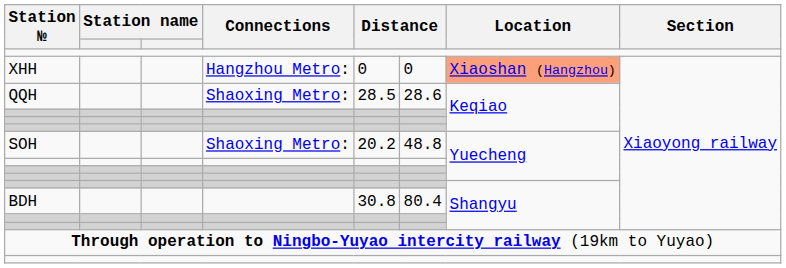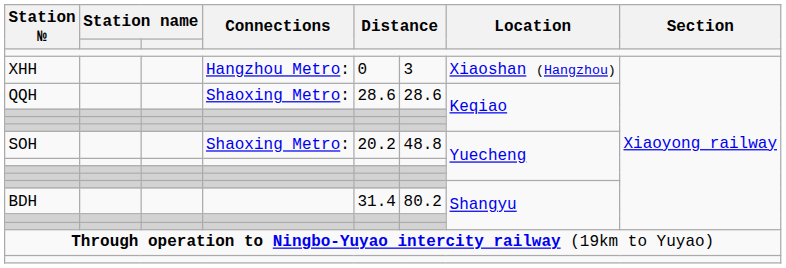 <table class="wikitable">
 <tr>
 <th rowspan="2">Station<br>№</th>
 <th colspan="2">Station name</th>
 <th rowspan="2">Connections</th>
 <th colspan="2" rowspan="2">Distance<br></th>
 <th rowspan="2">Location</th>
 <th rowspan="2">Section</th>
 </tr>
 <tr>
 <th></th>
 <th></th>
 </tr>
 <tr style="background:#">
 <td colspan = "8"></td>
 </tr>
 <tr>
 <td>XHH</td>
 <td></td>
 <td></td>
 <td><a href='#'>Hangzhou Metro</a>: </td>
 <td>0</td>
-<td>0</td>
-<td rowspan="1" style="background: lightsalmon;"><a href='#'>Xiaoshan</a> <small>(<a href='#'>Hangzhou</a>)</small></td>
+<td>3</td>
+<td rowspan="1"><a href='#'>Xiaoshan</a> <small>(<a href='#'>Hangzhou</a>)</small></td>
 <td rowspan="13"><a href='#'>Xiaoyong railway</a></td>
 </tr>
 <tr>
 <td>QQH</td>
 <td></td>
 <td></td>
 <td><a href='#'>Shaoxing Metro</a>: </td>
-<td>28.5</td>
+<td>28.6</td>
 <td>28.6</td>
 <td rowspan="4"><a href='#'>Keqiao</a></td>
 </tr>
 <tr bgcolor="lightgrey">
 <td></td>
 <td></td>
 <td></td>
 <td></td>
 <td></td>
 <td></td>
 </tr>
 <tr bgcolor="lightgrey">
 <td></td>
 <td></td>
 <td></td>
 <td></td>
 <td></td>
 <td></td>
 </tr>
 <tr bgcolor="lightgrey">
 <td></td>
 <td></td>
 <td></td>
 <td></td>
 <td></td>
 <td></td>
 </tr>
 <tr>
 <td>SOH</td>
 <td></td>
 <td></td>
 <td><a href='#'>Shaoxing Metro</a>: </td>
 <td>20.2</td>
 <td>48.8</td>
 <td rowspan="4"><a href='#'>Yuecheng</a></td>
 </tr>
 <tr>
 <td></td>
 <td></td>
 <td></td>
 <td></td>
 <td></td>
 <td></td>
 </tr>
 <tr bgcolor="lightgrey">
 <td></td>
 <td></td>
 <td></td>
 <td></td>
 <td></td>
 <td></td>
 </tr>
 <tr bgcolor="lightgrey">
 <td></td>
 <td></td>
 <td></td>
 <td></td>
 <td></td>
 <td></td>
 </tr>
 <tr>
 <td bgcolor="lightgrey"></td>
 <td bgcolor="lightgrey"></td>
 <td bgcolor="lightgrey"></td>
 <td bgcolor="lightgrey"></td>
 <td bgcolor="lightgrey"></td>
 <td bgcolor="lightgrey"></td>
 <td rowspan="4"><a href='#'>Shangyu</a></td>
 </tr>
 <tr>
 <td>BDH</td>
 <td></td>
 <td></td>
 <td></td>
-<td>30.8</td>
-<td>80.4</td>
+<td>31.4</td>
+<td>80.2</td>
 </tr>
 <tr bgcolor="lightgrey">
 <td></td>
 <td></td>
 <td></td>
 <td></td>
 <td></td>
 <td></td>
 </tr>
 <tr bgcolor="lightgrey">
 <td></td>
 <td></td>
 <td></td>
 <td></td>
 <td></td>
 <td></td>
 </tr>
 <tr>
 <td colspan = "10" align= "center"><strong>Through operation to <a href='#'>Ningbo-Yuyao intercity railway</a></strong> (19km to Yuyao)</td>
 </tr>
 <tr style="background:#">
 <td colspan = "8"></td>
 </tr>
 </table>
